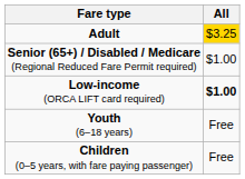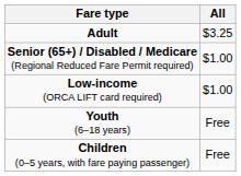 <table class=wikitable style="text-align:center">
 <tr>
 <th>Fare type</th>
 <th>All</th>
 </tr>
 <tr>
 <td><strong>Adult</strong></td>
-<td style="background: gold;">$3.25</td>
+<td>$3.25</td>
 </tr>
 <tr>
 <td><strong>Senior (65+) / Disabled / Medicare</strong><br><small>(Regional Reduced Fare Permit required)</small></td>
 <td>$1.00</td>
 </tr>
 <tr>
 <td><strong>Low-income</strong><br><small>(ORCA LIFT card required)</small></td>
-<td><strong>$1.00</strong></td>
+<td>$1.00</td>
 </tr>
 <tr>
 <td><strong>Youth</strong><br><small>(6–18 years)</small></td>
 <td>Free</td>
 </tr>
 <tr>
 <td><strong>Children</strong><br><small>(0–5 years, with fare paying passenger)</small></td>
 <td colspan=2>Free</td>
 </tr>
 </table>
